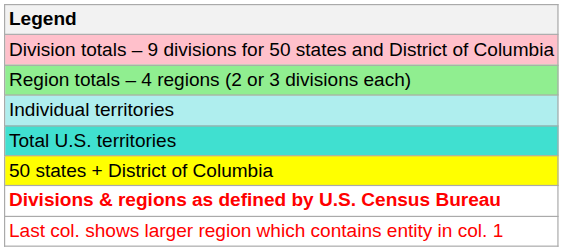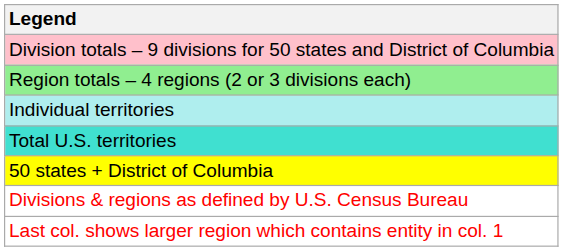 <table class="wikitable">
 <tr>
 <th style="text-align:left">Legend</th>
 </tr>
 <tr>
 <td style="background:pink">Division totals – 9 divisions for 50 states and District of Columbia</td>
 </tr>
 <tr>
 <td style="background:lightgreen">Region totals – 4 regions (2 or 3 divisions each)</td>
 </tr>
 <tr>
 <td style="background:paleturquoise">Individual territories</td>
 </tr>
 <tr>
 <td style="background:turquoise">Total U.S. territories</td>
 </tr>
 <tr>
 <td style="background:yellow">50 states + District of Columbia</td>
 </tr>
 <tr>
-<td style="background:white; color: red"><strong>Divisions & regions as defined by U.S. Census Bureau</strong></td>
+<td style="background:white; color: red">Divisions & regions as defined by U.S. Census Bureau</td>
 </tr>
 <tr>
 <td style="background:white; color: red">Last col. shows larger region which contains entity in col. 1</td>
 </tr>
 </table>
